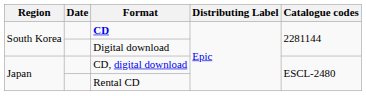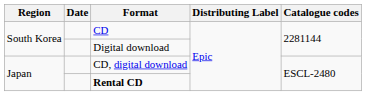 <table class="wikitable">
 <tr>
 <th>Region</th>
 <th>Date</th>
 <th>Format</th>
 <th>Distributing Label</th>
 <th>Catalogue codes</th>
 </tr>
 <tr>
 <td rowspan="2">South Korea</td>
 <td></td>
-<td><strong><a href='#'>CD</a></strong></td>
+<td><a href='#'>CD</a></td>
 <td rowspan="4"><a href='#'>Epic</a></td>
 <td rowspan="2">2281144</td>
 </tr>
 <tr>
 <td></td>
 <td>Digital download</td>
 </tr>
 <tr>
 <td rowspan="2">Japan</td>
 <td></td>
 <td>CD, <a href='#'>digital download</a></td>
 <td rowspan="2">ESCL-2480</td>
 </tr>
 <tr>
 <td></td>
-<td>Rental CD</td>
+<td><strong>Rental CD</strong></td>
 </tr>
 </table>
